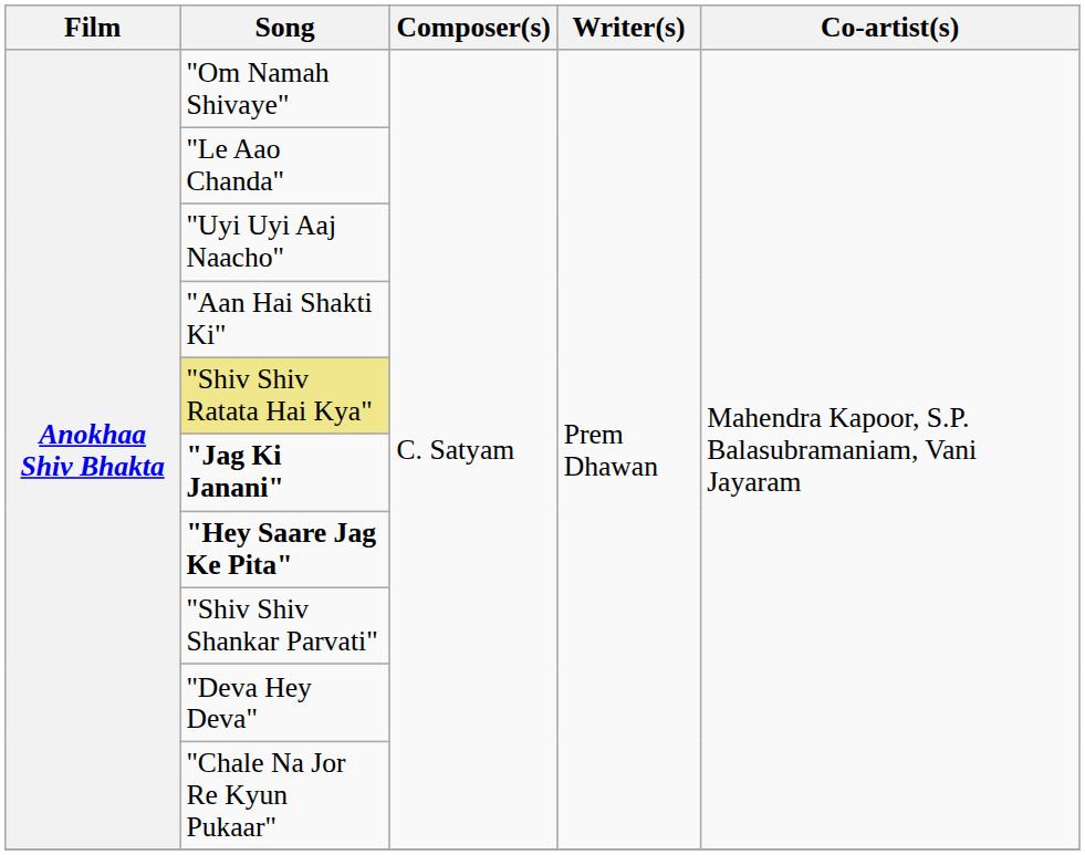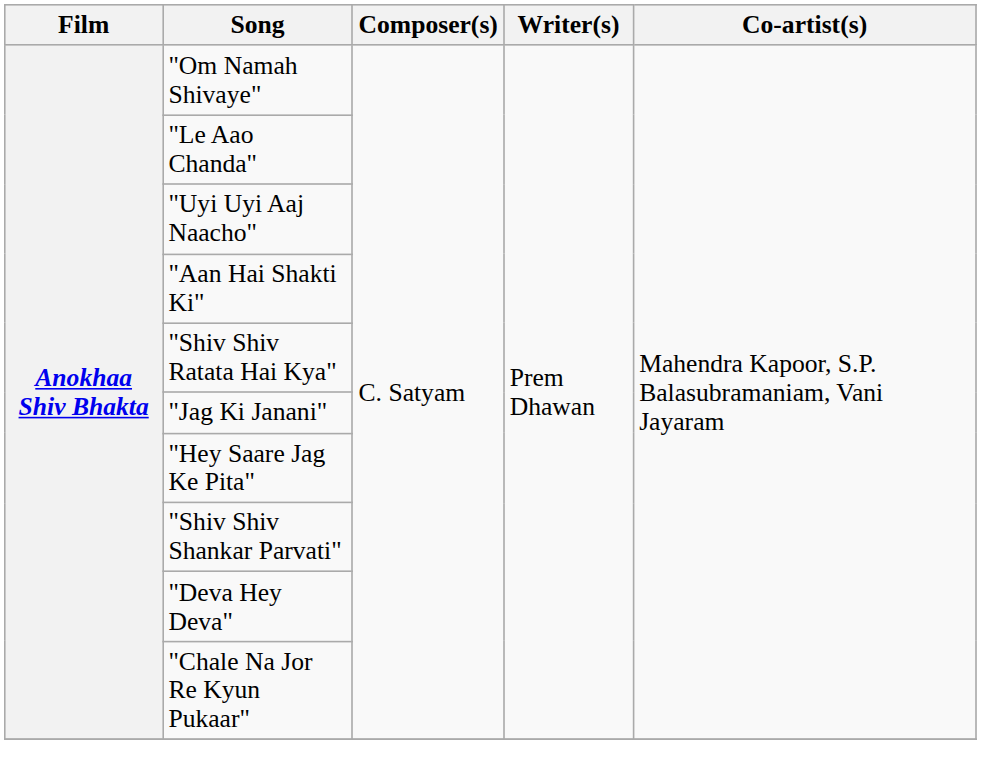 <table class="wikitable sortable">
 <tr>
 <th>Film</th>
 <th>Song</th>
 <th>Composer(s)</th>
 <th>Writer(s)</th>
 <th>Co-artist(s)</th>
 </tr>
 <tr>
 <th Rowspan=10><em><a href='#'>Anokhaa Shiv Bhakta</a></em></th>
 <td>"Om Namah Shivaye"</td>
 <td rowspan=10>C. Satyam</td>
 <td rowspan=10>Prem Dhawan</td>
 <td rowspan=10>Mahendra Kapoor, S.P. Balasubramaniam, Vani Jayaram</td>
 </tr>
 <tr>
 <td>"Le Aao Chanda"</td>
 </tr>
 <tr>
 <td>"Uyi Uyi Aaj Naacho"</td>
 </tr>
 <tr>
 <td>"Aan Hai Shakti Ki"</td>
 </tr>
 <tr>
-<td style="background: khaki;">"Shiv Shiv Ratata Hai Kya"</td>
+<td>"Shiv Shiv Ratata Hai Kya"</td>
 </tr>
 <tr>
-<td><strong>"Jag Ki Janani"</strong></td>
+<td>"Jag Ki Janani"</td>
 </tr>
 <tr>
-<td><strong>"Hey Saare Jag Ke Pita"</strong></td>
+<td>"Hey Saare Jag Ke Pita"</td>
 </tr>
 <tr>
 <td>"Shiv Shiv Shankar Parvati"</td>
 </tr>
 <tr>
 <td>"Deva Hey Deva"</td>
 </tr>
 <tr>
 <td>"Chale Na Jor Re Kyun Pukaar"</td>
 </tr>
 <tr>
 </tr>
 </table>
